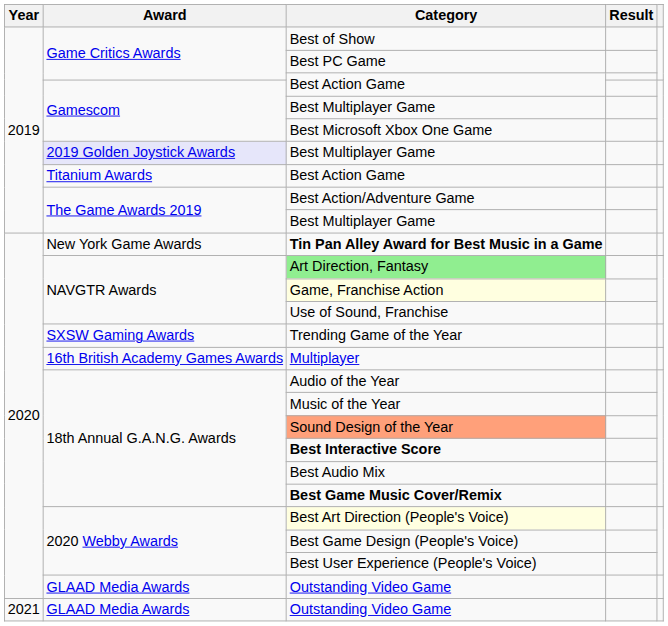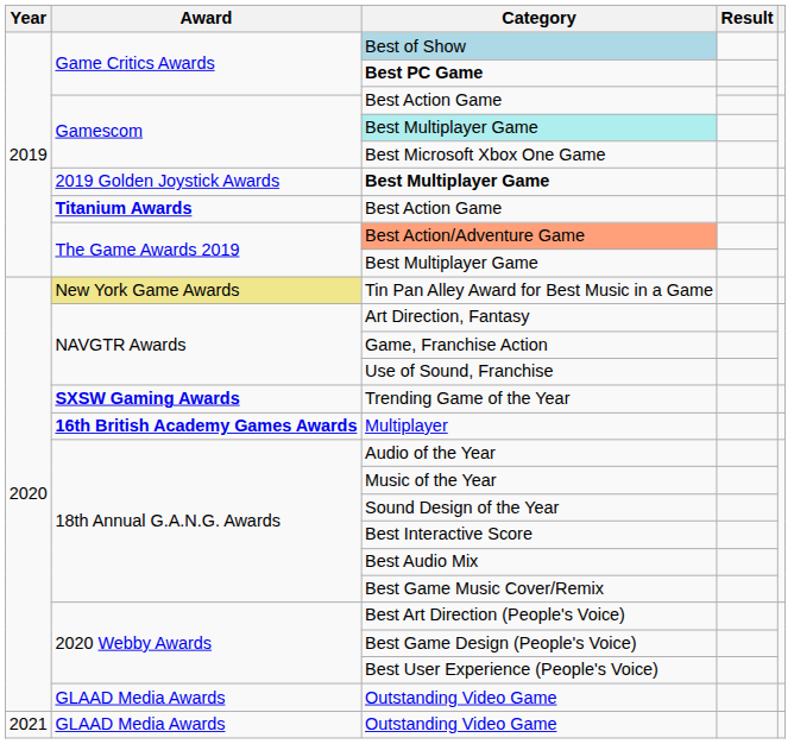 <table class="wikitable sortable">
 <tr>
 <th>Year</th>
 <th>Award</th>
 <th>Category</th>
 <th>Result</th>
 <th></th>
 </tr>
 <tr>
 <td style="text-align:center;" rowspan="10">2019</td>
 <td rowspan="3"><a href='#'>Game Critics Awards</a></td>
-<td>Best of Show</td>
+<td style="background: lightblue;">Best of Show</td>
 <td></td>
 <td rowspan="3" style="text-align:center;"></td>
 </tr>
 <tr>
-<td>Best PC Game</td>
+<td><strong>Best PC Game</strong></td>
 <td></td>
 </tr>
 <tr>
 <td rowspan="2">Best Action Game</td>
 <td></td>
 </tr>
 <tr>
 <td rowspan="3"><a href='#'>Gamescom</a></td>
 <td></td>
 <td rowspan="3" style="text-align:center;"></td>
 </tr>
 <tr>
-<td>Best Multiplayer Game</td>
+<td style="background: paleturquoise;">Best Multiplayer Game</td>
 <td></td>
 </tr>
 <tr>
 <td>Best Microsoft Xbox One Game</td>
 <td></td>
 </tr>
 <tr>
-<td style="background: lavender;"><a href='#'>2019 Golden Joystick Awards</a></td>
-<td>Best Multiplayer Game</td>
+<td><a href='#'>2019 Golden Joystick Awards</a></td>
+<td><strong>Best Multiplayer Game</strong></td>
 <td></td>
 <td style="text-align:center;"></td>
 </tr>
 <tr>
-<td><a href='#'>Titanium Awards</a></td>
+<td><strong><a href='#'>Titanium Awards</a></strong></td>
 <td>Best Action Game</td>
 <td></td>
 <td style="text-align:center;"></td>
 </tr>
 <tr>
 <td rowspan="2"><a href='#'>The Game Awards 2019</a></td>
-<td>Best Action/Adventure Game</td>
+<td style="background: lightsalmon;">Best Action/Adventure Game</td>
 <td></td>
 <td rowspan="2" style="text-align:center;"></td>
 </tr>
 <tr>
 <td>Best Multiplayer Game</td>
 <td></td>
 </tr>
 <tr>
 <td style="text-align:center;" rowspan="16">2020</td>
-<td>New York Game Awards</td>
-<td><strong>Tin Pan Alley Award for Best Music in a Game</strong></td>
+<td style="background: khaki;">New York Game Awards</td>
+<td>Tin Pan Alley Award for Best Music in a Game</td>
 <td></td>
 <td style="text-align:center;"></td>
 </tr>
 <tr>
 <td rowspan="3">NAVGTR Awards</td>
-<td style="background: lightgreen;">Art Direction, Fantasy</td>
+<td>Art Direction, Fantasy</td>
 <td></td>
 <td rowspan="3" style="text-align:center;"></td>
 </tr>
 <tr>
-<td style="background: lightyellow;">Game, Franchise Action</td>
+<td>Game, Franchise Action</td>
 <td></td>
 </tr>
 <tr>
 <td>Use of Sound, Franchise</td>
 <td></td>
 </tr>
 <tr>
-<td><a href='#'>SXSW Gaming Awards</a></td>
+<td><strong><a href='#'>SXSW Gaming Awards</a></strong></td>
 <td>Trending Game of the Year</td>
 <td></td>
 <td style="text-align:center;"></td>
 </tr>
 <tr>
-<td><a href='#'>16th British Academy Games Awards</a></td>
+<td><strong><a href='#'>16th British Academy Games Awards</a></strong></td>
 <td><a href='#'>Multiplayer</a></td>
 <td></td>
 <td style="text-align:center;"></td>
 </tr>
 <tr>
 <td rowspan="6">18th Annual G.A.N.G. Awards</td>
 <td>Audio of the Year</td>
 <td></td>
 <td rowspan="6" style="text-align:center;"></td>
 </tr>
 <tr>
 <td>Music of the Year</td>
 <td></td>
 </tr>
 <tr>
-<td style="background: lightsalmon;">Sound Design of the Year</td>
+<td>Sound Design of the Year</td>
 <td></td>
 </tr>
 <tr>
-<td><strong>Best Interactive Score</strong></td>
+<td>Best Interactive Score</td>
 <td></td>
 </tr>
 <tr>
 <td>Best Audio Mix</td>
 <td></td>
 </tr>
 <tr>
-<td><strong>Best Game Music Cover/Remix</strong></td>
+<td>Best Game Music Cover/Remix</td>
 <td></td>
 </tr>
 <tr>
 <td rowspan="3">2020 <a href='#'>Webby Awards</a></td>
-<td style="background: lightyellow;">Best Art Direction (People's Voice)</td>
+<td>Best Art Direction (People's Voice)</td>
 <td></td>
 <td rowspan="3" style="text-align:center;"></td>
 </tr>
 <tr>
 <td>Best Game Design (People's Voice)</td>
 <td></td>
 </tr>
 <tr>
 <td>Best User Experience (People's Voice)</td>
 <td></td>
 </tr>
 <tr>
 <td><a href='#'>GLAAD Media Awards</a></td>
 <td><a href='#'>Outstanding Video Game</a></td>
 <td></td>
 <td style="text-align:center;"></td>
 </tr>
 <tr>
 <td style="text-align:center;">2021</td>
 <td><a href='#'>GLAAD Media Awards</a></td>
 <td><a href='#'>Outstanding Video Game</a></td>
 <td></td>
 <td style="text-align:center;"></td>
 </tr>
 </table>
